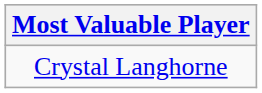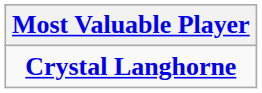 <table class=wikitable style="text-align:center; margin:auto">
 <tr>
 <th><a href='#'>Most Valuable Player</a></th>
 </tr>
 <tr>
-<td> <a href='#'>Crystal Langhorne</a></td>
+<td><strong> <a href='#'>Crystal Langhorne</a></strong></td>
 </tr>
 </table>
